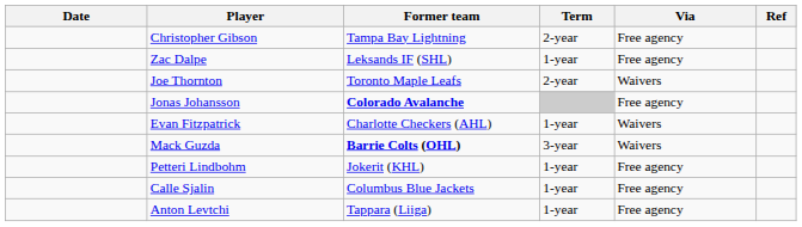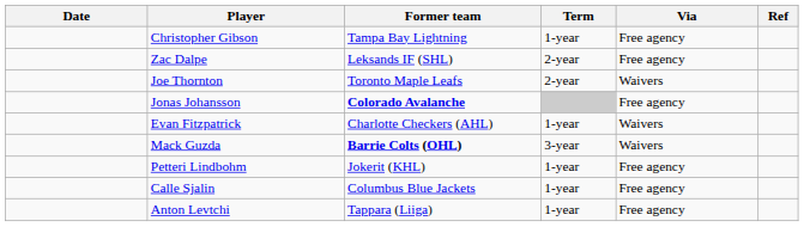 <table class="wikitable">
 <tr style="background:#ddd; text-align:center;">
 <th style="width: 10em;">Date</th>
 <th style="width: 14em;">Player</th>
 <th style="width: 14em;">Former team</th>
 <th style="width: 5em;">Term</th>
 <th style="width: 10em;">Via</th>
 <th style="width: 2.5em;">Ref</th>
 </tr>
 <tr>
 <td></td>
 <td><a href='#'>Christopher Gibson</a></td>
 <td><a href='#'>Tampa Bay Lightning</a></td>
-<td>2-year</td>
+<td>1-year</td>
 <td>Free agency</td>
 <td></td>
 </tr>
 <tr>
 <td></td>
 <td><a href='#'>Zac Dalpe</a></td>
 <td><a href='#'>Leksands IF</a> (<a href='#'>SHL</a>)</td>
-<td>1-year</td>
+<td>2-year</td>
 <td>Free agency</td>
 <td></td>
 </tr>
 <tr>
 <td></td>
 <td><a href='#'>Joe Thornton</a></td>
 <td><a href='#'>Toronto Maple Leafs</a></td>
 <td>2-year</td>
 <td>Waivers</td>
 <td></td>
 </tr>
 <tr>
 <td></td>
 <td><a href='#'>Jonas Johansson</a></td>
 <td><strong><a href='#'>Colorado Avalanche</a></strong></td>
 <td style="background:#ccc;"></td>
 <td>Free agency</td>
 <td></td>
 </tr>
 <tr>
 <td></td>
 <td><a href='#'>Evan Fitzpatrick</a></td>
 <td><a href='#'>Charlotte Checkers</a> (<a href='#'>AHL</a>)</td>
 <td>1-year</td>
 <td>Waivers</td>
 <td></td>
 </tr>
 <tr>
 <td></td>
 <td><a href='#'>Mack Guzda</a></td>
 <td><strong><a href='#'>Barrie Colts</a> (<a href='#'>OHL</a>)</strong></td>
 <td>3-year</td>
 <td>Waivers</td>
 <td></td>
 </tr>
 <tr>
 <td></td>
 <td><a href='#'>Petteri Lindbohm</a></td>
 <td><a href='#'>Jokerit</a> (<a href='#'>KHL</a>)</td>
 <td>1-year</td>
 <td>Free agency</td>
 <td></td>
 </tr>
 <tr>
 <td></td>
 <td><a href='#'>Calle Sjalin</a></td>
 <td><a href='#'>Columbus Blue Jackets</a></td>
 <td>1-year</td>
 <td>Free agency</td>
 <td></td>
 </tr>
 <tr>
 <td></td>
 <td><a href='#'>Anton Levtchi</a></td>
 <td><a href='#'>Tappara</a> (<a href='#'>Liiga</a>)</td>
 <td>1-year</td>
 <td>Free agency</td>
 <td></td>
 </tr>
 </table>
